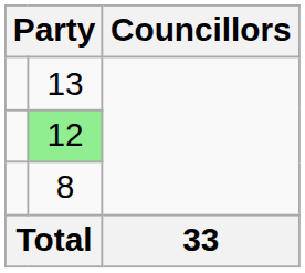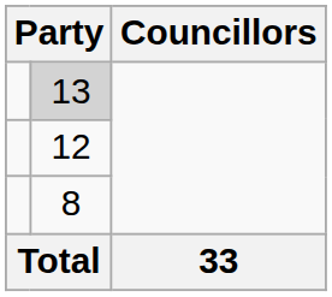 <table class="wikitable">
 <tr>
 <th colspan=2>Party</th>
 <th>Councillors</th>
 </tr>
 <tr>
 <td></td>
-<td align=center>13</td>
+<td align=center style="background: lightgrey;">13</td>
 </tr>
 <tr>
 <td></td>
-<td align=center style="background: lightgreen;">12</td>
+<td align=center>12</td>
 </tr>
 <tr>
 <td></td>
 <td align=center>8</td>
 </tr>
 <tr>
 <th colspan=2>Total</th>
 <th align=center>33</th>
 </tr>
 </table>
